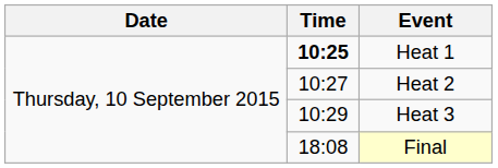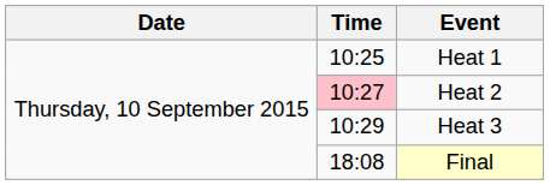 <table class = "wikitable" style="text-align:center;">
 <tr>
 <th width=220>Date</th>
 <th width=50>Time</th>
 <th width=100>Event</th>
 </tr>
 <tr>
 <td rowspan=4>Thursday, 10 September 2015</td>
-<td><strong>10:25</strong></td>
+<td>10:25</td>
 <td>Heat 1</td>
 </tr>
 <tr>
-<td>10:27</td>
+<td style="background: pink;">10:27</td>
 <td>Heat 2</td>
 </tr>
 <tr>
 <td>10:29</td>
 <td>Heat 3</td>
 </tr>
 <tr>
 <td>18:08</td>
 <td bgcolor=ffffcc>Final</td>
 </tr>
 </table>
